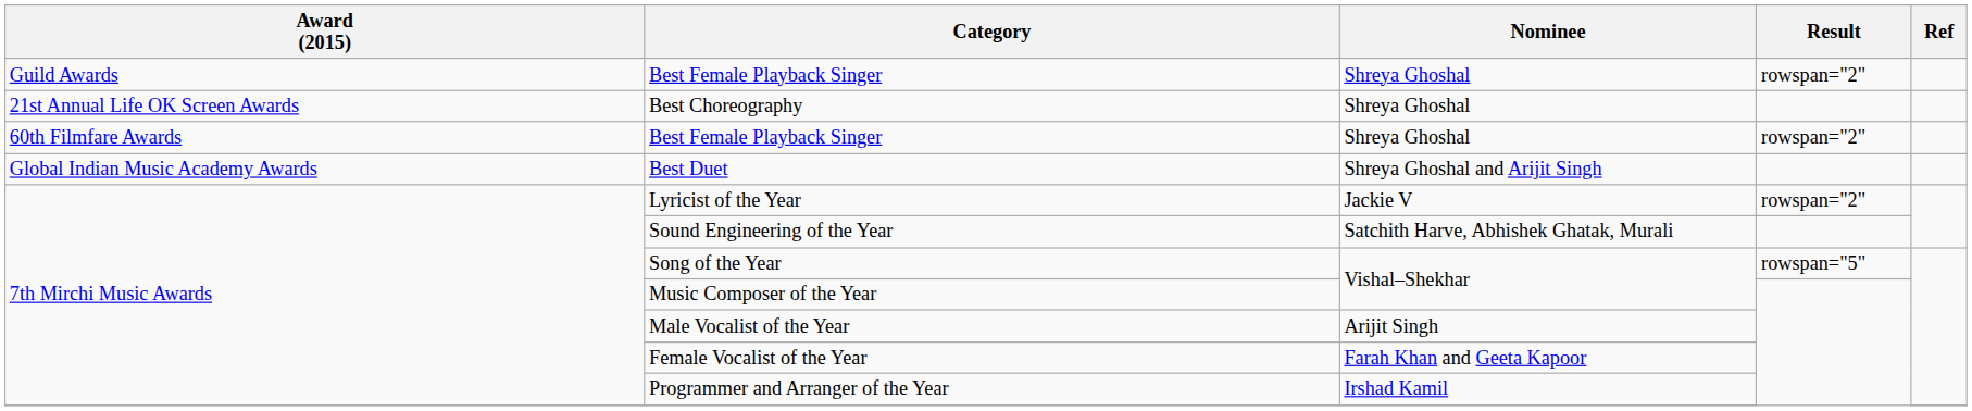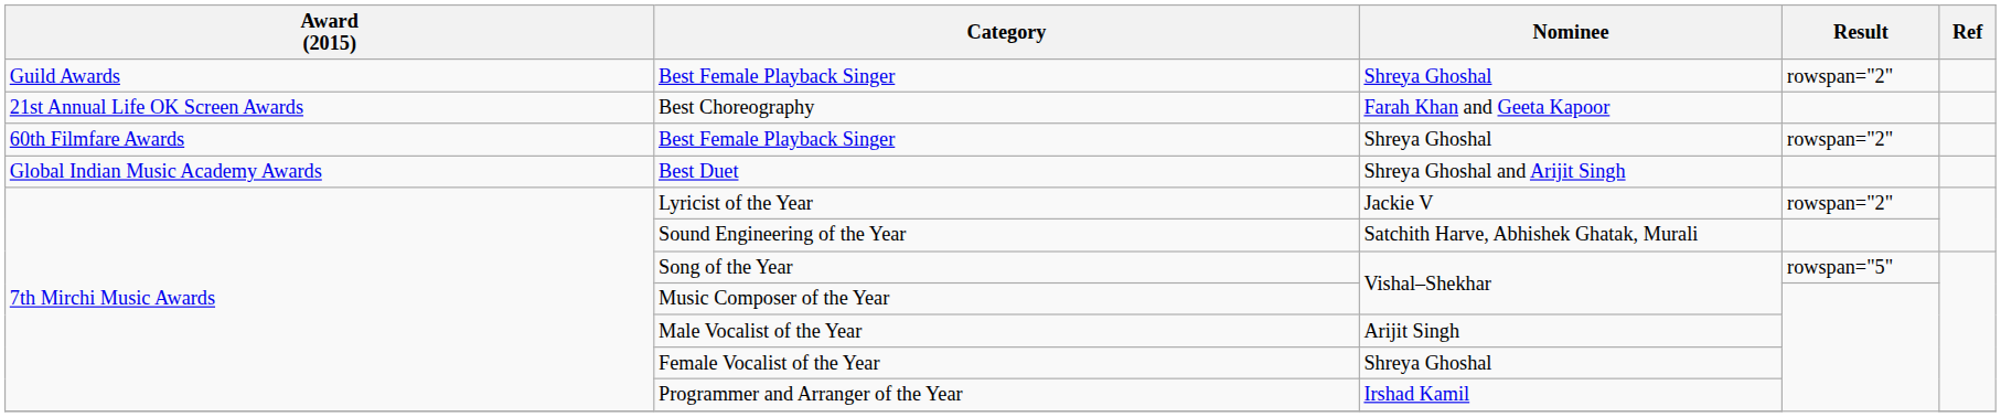 <table class="wikitable plainrowheaders" width="100%" textcolor:#000;">
 <tr>
 <th width=23%>Award<br>(2015)</th>
 <th width=25%>Category</th>
 <th width=15%>Nominee</th>
 <th width=5%>Result</th>
 <th width=2%>Ref</th>
 </tr>
 <tr>
 <td><a href='#'>Guild Awards</a></td>
 <td><a href='#'>Best Female Playback Singer</a></td>
 <td><a href='#'>Shreya Ghoshal</a></td>
 <td>rowspan="2" </td>
 <td></td>
 </tr>
 <tr>
 <td><a href='#'>21st Annual Life OK Screen Awards</a></td>
 <td>Best Choreography</td>
-<td>Shreya Ghoshal</td>
+<td><a href='#'>Farah Khan</a> and <a href='#'>Geeta Kapoor</a></td>
 <td></td>
 </tr>
 <tr>
 <td><a href='#'>60th Filmfare Awards</a></td>
 <td><a href='#'>Best Female Playback Singer</a></td>
 <td>Shreya Ghoshal</td>
 <td>rowspan="2" </td>
 <td></td>
 </tr>
 <tr>
 <td><a href='#'>Global Indian Music Academy Awards</a></td>
 <td><a href='#'>Best Duet</a></td>
 <td>Shreya Ghoshal and <a href='#'>Arijit Singh</a></td>
 <td></td>
 </tr>
 <tr>
 <td rowspan="7"><a href='#'>7th Mirchi Music Awards</a></td>
 <td>Lyricist of the Year</td>
 <td>Jackie V</td>
 <td>rowspan="2" </td>
 <td rowspan="2"></td>
 </tr>
 <tr>
 <td>Sound Engineering of the Year</td>
 <td>Satchith Harve, Abhishek Ghatak, Murali</td>
 </tr>
 <tr>
 <td>Song of the Year</td>
 <td rowspan="2">Vishal–Shekhar</td>
 <td>rowspan="5" </td>
 <td rowspan="5"></td>
 </tr>
 <tr>
 <td>Music Composer of the Year</td>
 </tr>
 <tr>
 <td>Male Vocalist of the Year</td>
 <td>Arijit Singh</td>
 </tr>
 <tr>
 <td>Female Vocalist of the Year</td>
-<td><a href='#'>Farah Khan</a> and <a href='#'>Geeta Kapoor</a></td>
+<td>Shreya Ghoshal</td>
 </tr>
 <tr>
 <td>Programmer and Arranger of the Year</td>
 <td><a href='#'>Irshad Kamil</a></td>
 </tr>
 <tr>
 </tr>
 </table>
